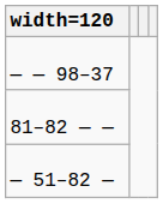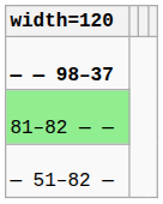 <table class="wikitable" style="text-align:center;">
 <tr>
 <th>width=120 </th>
 <th></th>
 <th></th>
 <th></th>
 </tr>
 <tr>
-<td style="text-align:left;"><br> —  —  98–37</td>
+<td style="text-align:left;"><strong><br> —  —  98–37</strong></td>
 </tr>
 <tr>
-<td style="text-align:left;"><br> 81–82  —  —</td>
+<td style="background: lightgreen; text-align:left;"><br> 81–82  —  —</td>
 </tr>
 <tr>
 <td style="text-align:left;"><br> —  51–82  —</td>
 </tr>
 </table>
